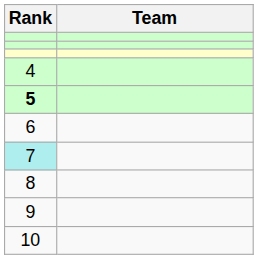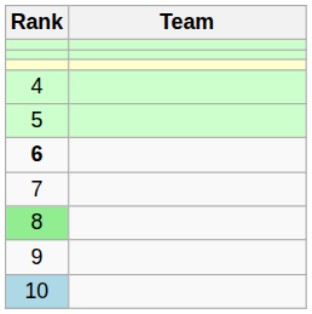 <table class="wikitable">
 <tr>
 <th>Rank</th>
 <th width=170>Team</th>
 </tr>
 <tr bgcolor=#ccffcc>
 <td align=center></td>
 <td></td>
 </tr>
 <tr bgcolor=#ccffcc>
 <td align=center></td>
 <td></td>
 </tr>
 <tr bgcolor=#ffffcc>
 <td align=center></td>
 <td></td>
 </tr>
 <tr bgcolor=#ccffcc>
 <td align=center>4</td>
 <td></td>
 </tr>
 <tr bgcolor=#ccffcc>
-<td align=center><strong>5</strong></td>
+<td align=center>5</td>
 <td></td>
 </tr>
 <tr>
-<td align=center>6</td>
+<td align=center><strong>6</strong></td>
 <td></td>
 </tr>
 <tr>
-<td align=center style="background: paleturquoise;">7</td>
+<td align=center>7</td>
 <td></td>
 </tr>
 <tr>
-<td align=center>8</td>
+<td align=center style="background: lightgreen;">8</td>
 <td></td>
 </tr>
 <tr>
 <td align=center>9</td>
 <td></td>
 </tr>
 <tr>
-<td align=center>10</td>
+<td align=center style="background: lightblue;">10</td>
 <td></td>
 </tr>
 </table>
